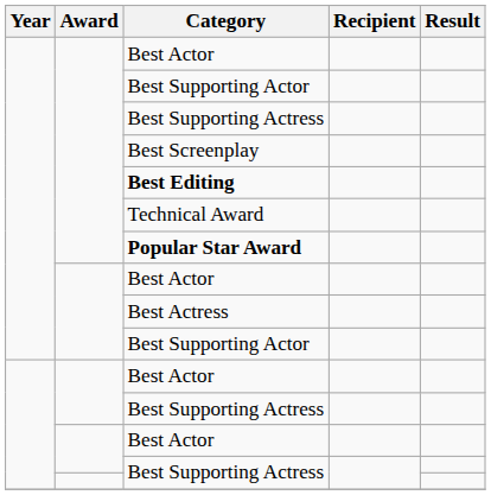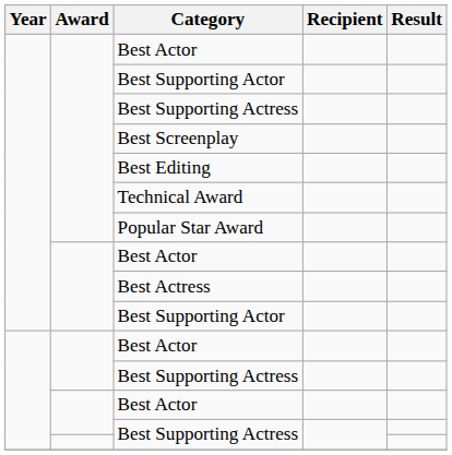 <table class="wikitable">
 <tr>
 <th>Year</th>
 <th>Award</th>
 <th>Category</th>
 <th>Recipient</th>
 <th>Result</th>
 </tr>
 <tr>
 <td rowspan="10"></td>
 <td rowspan="7"></td>
 <td>Best Actor</td>
 <td></td>
 <td></td>
 </tr>
 <tr>
 <td>Best Supporting Actor</td>
 <td></td>
 <td></td>
 </tr>
 <tr>
 <td>Best Supporting Actress</td>
 <td></td>
 <td></td>
 </tr>
 <tr>
 <td>Best Screenplay</td>
 <td></td>
 <td></td>
 </tr>
 <tr>
-<td><strong>Best Editing</strong></td>
+<td>Best Editing</td>
 <td></td>
 <td></td>
 </tr>
 <tr>
 <td>Technical Award</td>
 <td></td>
 <td></td>
 </tr>
 <tr>
-<td><strong>Popular Star Award</strong></td>
+<td>Popular Star Award</td>
 <td></td>
 <td></td>
 </tr>
 <tr>
 <td rowspan="3"></td>
 <td>Best Actor</td>
 <td></td>
 <td></td>
 </tr>
 <tr>
 <td>Best Actress</td>
 <td></td>
 <td></td>
 </tr>
 <tr>
 <td>Best Supporting Actor</td>
 <td></td>
 <td></td>
 </tr>
 <tr>
 <td rowspan="5"></td>
 <td rowspan="2"></td>
 <td>Best Actor</td>
 <td></td>
 <td></td>
 </tr>
 <tr>
 <td>Best Supporting Actress</td>
 <td></td>
 <td></td>
 </tr>
 <tr>
 <td rowspan="2"></td>
 <td>Best Actor</td>
 <td></td>
 <td></td>
 </tr>
 <tr>
 <td rowspan="2">Best Supporting Actress</td>
 <td rowspan="2"></td>
 <td></td>
 </tr>
 <tr>
 <td></td>
 <td></td>
 </tr>
 <tr>
 </tr>
 </table>
